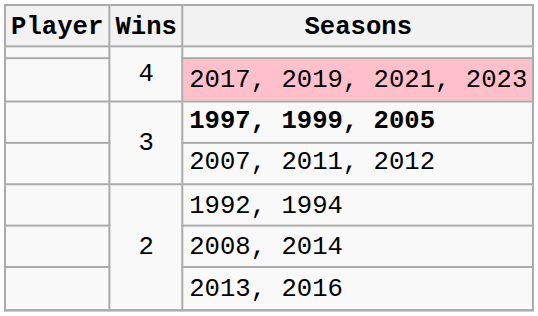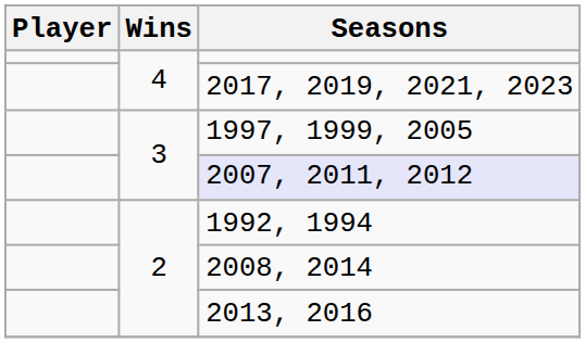 <table class="wikitable plainrowheaders sortable">
 <tr>
 <th>Player</th>
 <th scope=col>Wins</th>
 <th>Seasons</th>
 </tr>
 <tr>
 <td scope=row></td>
 <td align=center rowspan=2>4</td>
 <td></td>
 </tr>
 <tr>
 <td scope=row><strong></strong></td>
-<td style="background: pink;">2017, 2019, 2021, 2023</td>
+<td>2017, 2019, 2021, 2023</td>
 </tr>
 <tr>
 <td scope=row></td>
 <td align=center rowspan=2>3</td>
-<td><strong>1997, 1999, 2005</strong></td>
+<td>1997, 1999, 2005</td>
 </tr>
 <tr>
 <td scope=row></td>
-<td>2007, 2011, 2012</td>
+<td style="background: lavender;">2007, 2011, 2012</td>
 </tr>
 <tr>
 <td scope=row></td>
 <td align=center rowspan=3>2</td>
 <td>1992, 1994</td>
 </tr>
 <tr>
 <td scope=row></td>
 <td>2008, 2014</td>
 </tr>
 <tr>
 <td scope=row></td>
 <td>2013, 2016</td>
 </tr>
 <tr>
 </tr>
 </table>
